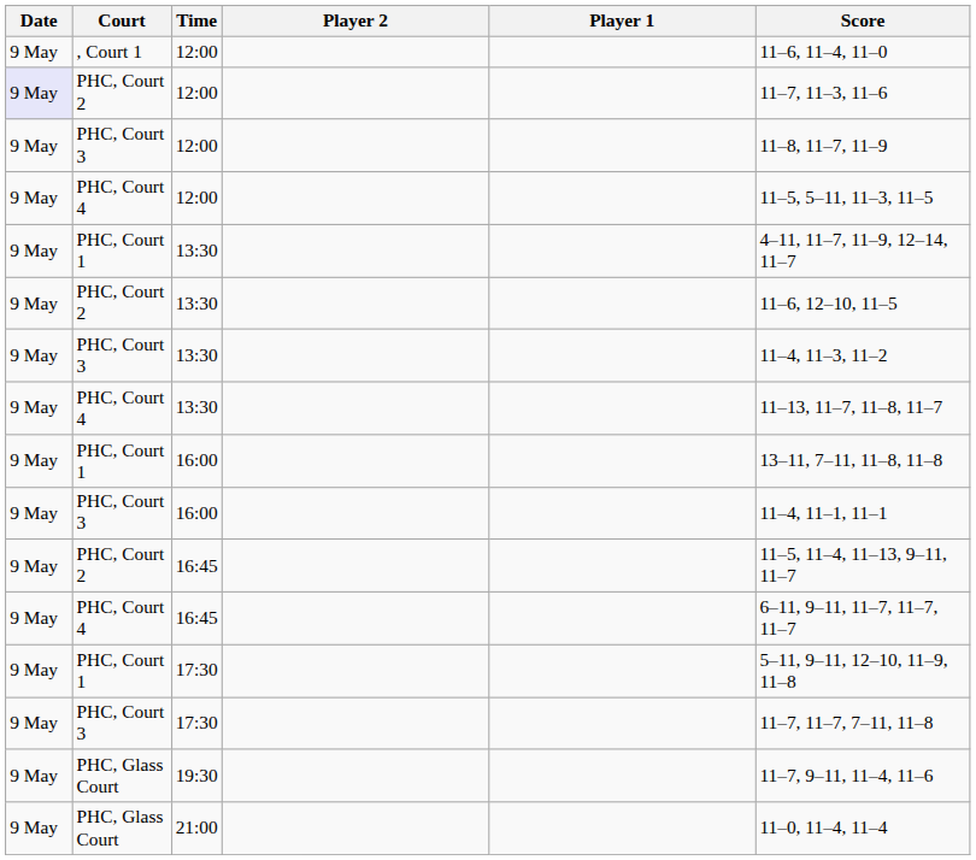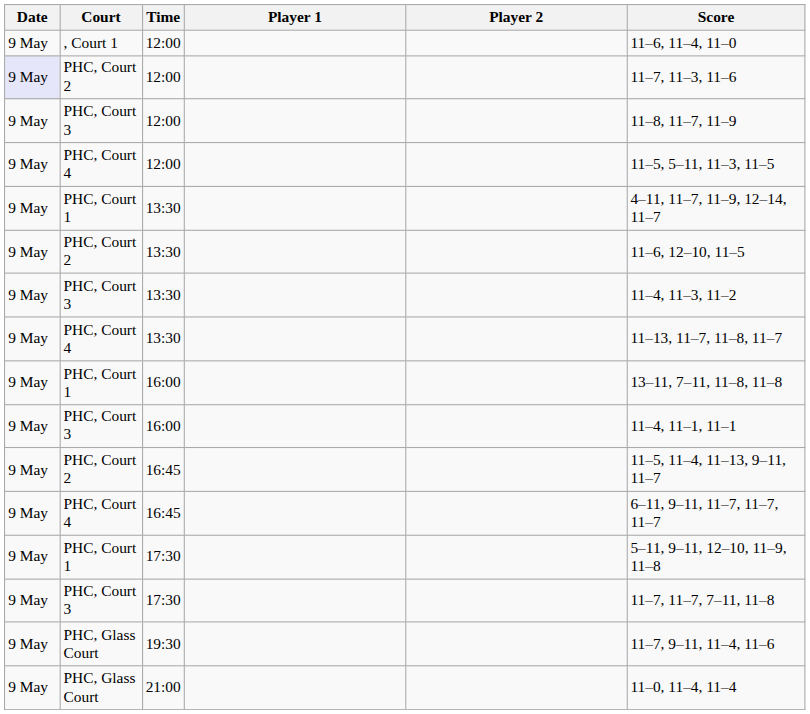 <table class="sortable wikitable" style="font-size:90%">
 <tr>
 <th width="45" class="unsortable">Date</th>
 <th width="70">Court</th>
 <th width="30">Time</th>
+<th width="200">Player 1</th>
 <th width="200">Player 2</th>
-<th width="200">Player 1</th>
 <th width="160" class="unsortable">Score</th>
 </tr>
 <tr>
 <td>9 May</td>
 <td>, Court 1</td>
 <td>12:00</td>
+<td><strong></strong></td>
 <td></td>
-<td><strong></strong></td>
 <td>11–6, 11–4, 11–0</td>
 </tr>
 <tr>
 <td style="background: lavender;">9 May</td>
 <td>PHC, Court 2</td>
 <td>12:00</td>
+<td></td>
 <td><strong></strong></td>
-<td></td>
 <td>11–7, 11–3, 11–6</td>
 </tr>
 <tr>
 <td>9 May</td>
 <td>PHC, Court 3</td>
 <td>12:00</td>
+<td><strong></strong></td>
 <td></td>
-<td><strong></strong></td>
 <td>11–8, 11–7, 11–9</td>
 </tr>
 <tr>
 <td>9 May</td>
 <td>PHC, Court 4</td>
 <td>12:00</td>
+<td></td>
 <td><strong></strong></td>
-<td></td>
 <td>11–5, 5–11, 11–3, 11–5</td>
 </tr>
 <tr>
 <td>9 May</td>
 <td>PHC, Court 1</td>
 <td>13:30</td>
+<td></td>
 <td><strong></strong></td>
-<td></td>
 <td>4–11, 11–7, 11–9, 12–14, 11–7</td>
 </tr>
 <tr>
 <td>9 May</td>
 <td>PHC, Court 2</td>
 <td>13:30</td>
+<td><strong></strong></td>
 <td></td>
-<td><strong></strong></td>
 <td>11–6, 12–10, 11–5</td>
 </tr>
 <tr>
 <td>9 May</td>
 <td>PHC, Court 3</td>
 <td>13:30</td>
+<td></td>
 <td><strong></strong></td>
-<td></td>
 <td>11–4, 11–3, 11–2</td>
 </tr>
 <tr>
 <td>9 May</td>
 <td>PHC, Court 4</td>
 <td>13:30</td>
+<td></td>
 <td><strong></strong></td>
-<td></td>
 <td>11–13, 11–7, 11–8, 11–7</td>
 </tr>
 <tr>
 <td>9 May</td>
 <td>PHC, Court 1</td>
 <td>16:00</td>
+<td><strong></strong></td>
 <td></td>
-<td><strong></strong></td>
 <td>13–11, 7–11, 11–8, 11–8</td>
 </tr>
 <tr>
 <td>9 May</td>
 <td>PHC, Court 3</td>
 <td>16:00</td>
+<td><strong></strong></td>
 <td></td>
-<td><strong></strong></td>
 <td>11–4, 11–1, 11–1</td>
 </tr>
 <tr>
 <td>9 May</td>
 <td>PHC, Court 2</td>
 <td>16:45</td>
+<td></td>
 <td><strong></strong></td>
-<td></td>
 <td>11–5, 11–4, 11–13, 9–11, 11–7</td>
 </tr>
 <tr>
 <td>9 May</td>
 <td>PHC, Court 4</td>
 <td>16:45</td>
+<td><strong></strong></td>
 <td></td>
-<td><strong></strong></td>
 <td>6–11, 9–11, 11–7, 11–7, 11–7</td>
 </tr>
 <tr>
 <td>9 May</td>
 <td>PHC, Court 1</td>
 <td>17:30</td>
+<td><strong></strong></td>
 <td></td>
-<td><strong></strong></td>
 <td>5–11, 9–11, 12–10, 11–9, 11–8</td>
 </tr>
 <tr>
 <td>9 May</td>
 <td>PHC, Court 3</td>
 <td>17:30</td>
+<td><strong></strong></td>
 <td></td>
-<td><strong></strong></td>
 <td>11–7, 11–7, 7–11, 11–8</td>
 </tr>
 <tr>
 <td>9 May</td>
 <td>PHC, Glass Court</td>
 <td>19:30</td>
+<td></td>
 <td><strong></strong></td>
-<td></td>
 <td>11–7, 9–11, 11–4, 11–6</td>
 </tr>
 <tr>
 <td>9 May</td>
 <td>PHC, Glass Court</td>
 <td>21:00</td>
+<td><strong></strong></td>
 <td></td>
-<td><strong></strong></td>
 <td>11–0, 11–4, 11–4</td>
 </tr>
 </table>
